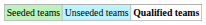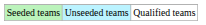 <table class="wikitable" style="font-size:90%; text-align:center;">
 <tr>
 </tr>
 <tr>
 <td style="background:#BBF3BB;">Seeded teams</td>
 <td style="background:#BBF3FF;">Unseeded teams</td>
-<td style="background:#FFFFFF;"><strong>Qualified teams</strong></td>
+<td style="background:#FFFFFF;">Qualified teams</td>
 </tr>
 </table>
